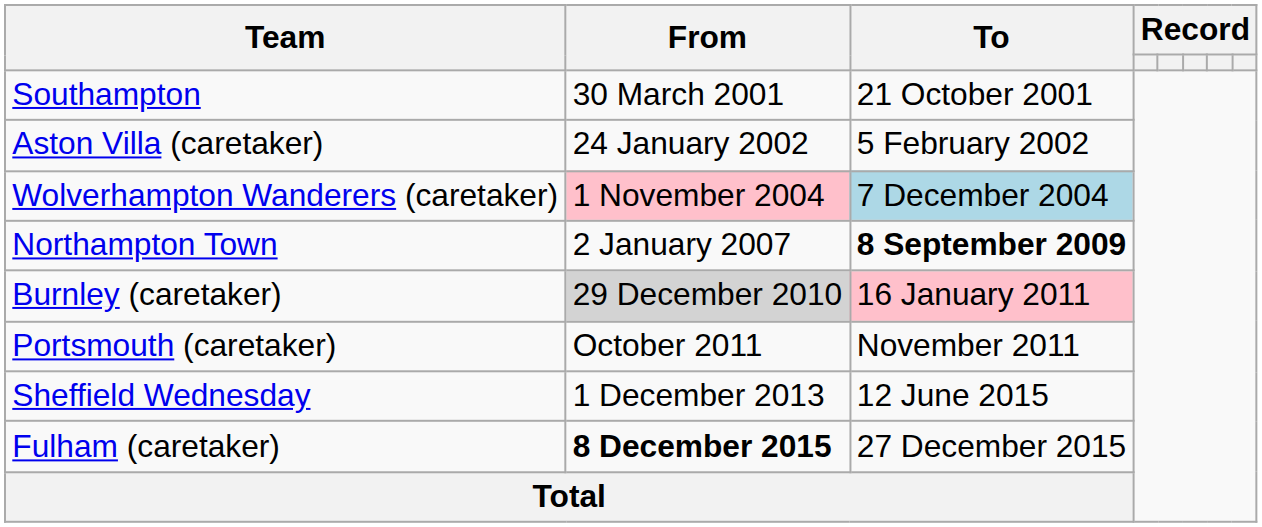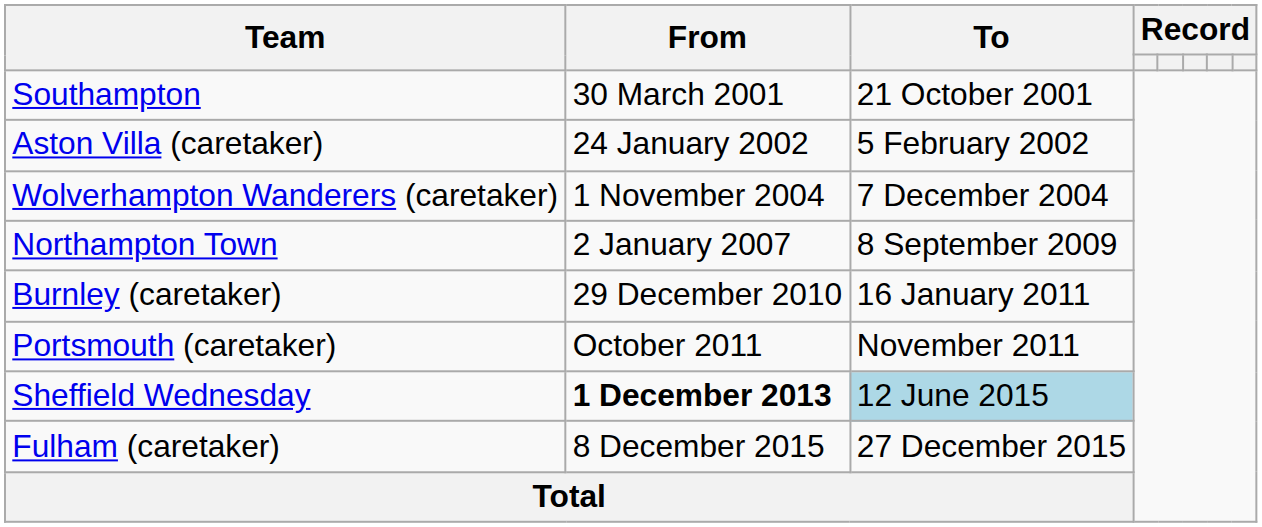 <table class=wikitable style="text-align: center">
 <tr>
 <th rowspan=2>Team</th>
 <th rowspan=2>From</th>
 <th rowspan=2>To</th>
 <th colspan=5>Record</th>
 </tr>
 <tr>
 <th></th>
 <th></th>
 <th></th>
 <th></th>
 <th></th>
 </tr>
 <tr>
 <td align=left><a href='#'>Southampton</a></td>
 <td align=left>30 March 2001</td>
 <td align=left>21 October 2001<br></td>
 </tr>
 <tr>
 <td align=left><a href='#'>Aston Villa</a> (caretaker)</td>
 <td align=left>24 January 2002</td>
 <td align=left>5 February 2002<br></td>
 </tr>
 <tr>
 <td align=left><a href='#'>Wolverhampton Wanderers</a> (caretaker)</td>
-<td align=left style="background: pink;">1 November 2004</td>
-<td align=left style="background: lightblue;">7 December 2004<br></td>
+<td align=left>1 November 2004</td>
+<td align=left>7 December 2004<br></td>
 </tr>
 <tr>
 <td align=left><a href='#'>Northampton Town</a></td>
 <td align=left>2 January 2007</td>
-<td align=left><strong>8 September 2009<br></strong></td>
+<td align=left>8 September 2009<br></td>
 </tr>
 <tr>
 <td align=left><a href='#'>Burnley</a> (caretaker)</td>
-<td align=left style="background: lightgrey;">29 December 2010</td>
-<td align=left style="background: pink;">16 January 2011<br></td>
+<td align=left>29 December 2010</td>
+<td align=left>16 January 2011<br></td>
 </tr>
 <tr>
 <td align=left><a href='#'>Portsmouth</a> (caretaker)</td>
 <td align=left>October 2011</td>
 <td align=left>November 2011<br></td>
 </tr>
 <tr>
 <td align=left><a href='#'>Sheffield Wednesday</a></td>
-<td align=left>1 December 2013</td>
-<td align=left>12 June 2015<br></td>
+<td align=left><strong>1 December 2013</strong></td>
+<td align=left style="background: lightblue;">12 June 2015<br></td>
 </tr>
 <tr>
 <td align=left><a href='#'>Fulham</a> (caretaker)</td>
-<td align=left><strong>8 December 2015</strong></td>
+<td align=left>8 December 2015</td>
 <td align=left>27 December 2015<br></td>
 </tr>
 <tr>
 <th colspan=3>Total<br></th>
 </tr>
 </table>
